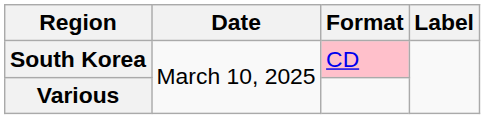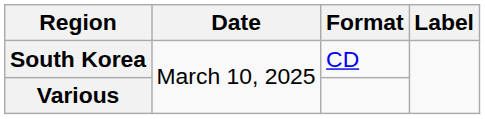 <table class="wikitable plainrowheaders">
 <tr>
 <th scope="col">Region</th>
 <th scope="col">Date</th>
 <th scope="col">Format</th>
 <th scope="col">Label</th>
 </tr>
 <tr>
 <th scope="row">South Korea</th>
 <td rowspan="2">March 10, 2025</td>
-<td style="background: pink;"><a href='#'>CD</a></td>
+<td><a href='#'>CD</a></td>
 <td rowspan="2"></td>
 </tr>
 <tr>
 <th scope="row">Various </th>
 <td></td>
 </tr>
 </table>
